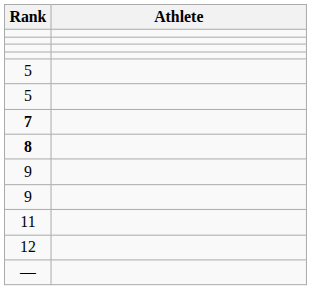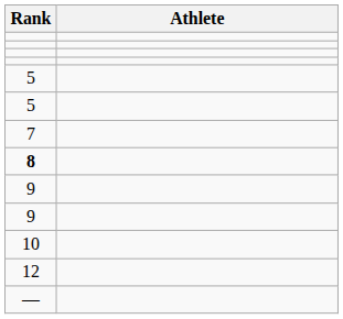 <table class="wikitable" style="text-align: center;">
 <tr>
 <th width=40>Rank</th>
 <th width=250>Athlete</th>
 </tr>
 <tr>
 <td></td>
 <td align="left"></td>
 </tr>
 <tr>
 <td></td>
 <td align="left"></td>
 </tr>
 <tr>
 <td></td>
 <td align="left"></td>
 </tr>
 <tr>
 <td></td>
 <td align="left"></td>
 </tr>
 <tr>
 <td>5</td>
 <td align="left"></td>
 </tr>
 <tr>
 <td>5</td>
 <td align="left"></td>
 </tr>
 <tr>
-<td><strong>7</strong></td>
+<td>7</td>
 <td align="left"></td>
 </tr>
 <tr>
 <td><strong>8</strong></td>
 <td align="left"></td>
 </tr>
 <tr>
 <td>9</td>
 <td align="left"></td>
 </tr>
 <tr>
 <td>9</td>
 <td align="left"></td>
 </tr>
 <tr>
-<td>11</td>
+<td>10</td>
 <td align="left"></td>
 </tr>
 <tr>
 <td>12</td>
 <td align="left"></td>
 </tr>
 <tr>
 <td>—</td>
 <td align="left"></td>
 </tr>
 </table>
